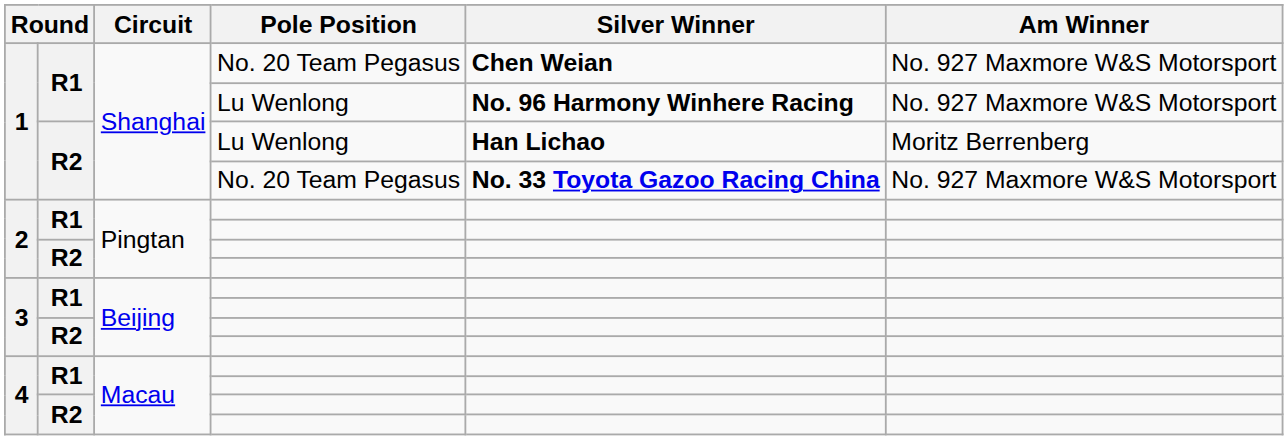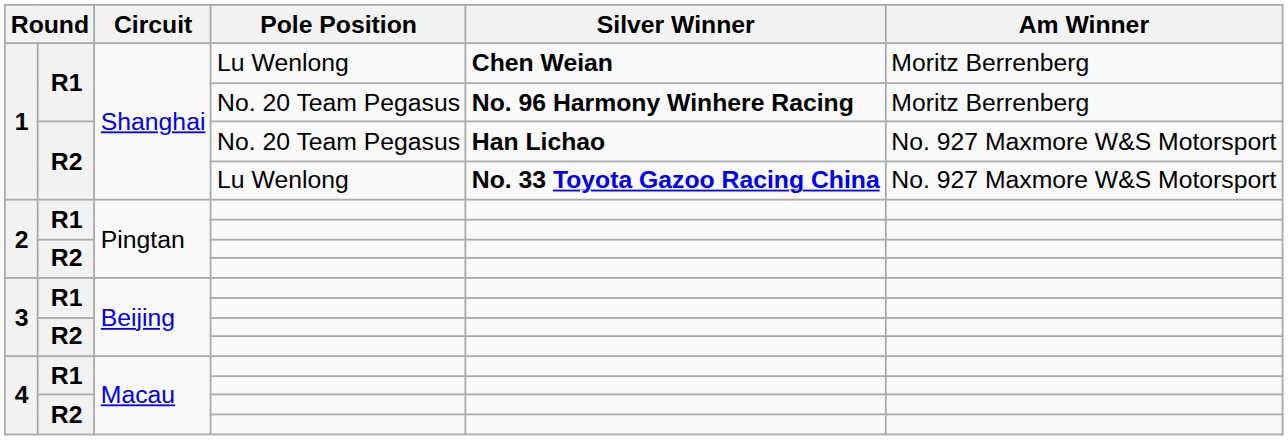 <table class="wikitable" style="font-size:85%;">
 <tr>
 <th colspan="2">Round</th>
 <th>Circuit</th>
 <th>Pole Position</th>
 <th>Silver Winner</th>
 <th>Am Winner</th>
 </tr>
 <tr>
 <th rowspan="4">1</th>
 <th rowspan="2">R1</th>
 <td rowspan="4"> <a href='#'>Shanghai</a></td>
+<td> Lu Wenlong</td>
+<td> <strong>Chen Weian</strong></td>
+<td> Moritz Berrenberg</td>
+</tr>
+<tr>
 <td> No. 20 Team Pegasus</td>
-<td> <strong>Chen Weian</strong></td>
+<td> <strong>No. 96 Harmony Winhere Racing</strong></td>
+<td> Moritz Berrenberg</td>
+</tr>
+<tr>
+<th rowspan="2">R2</th>
+<td> No. 20 Team Pegasus</td>
+<td><strong> Han Lichao</strong></td>
 <td> No. 927 Maxmore W&S Motorsport</td>
 </tr>
 <tr>
 <td> Lu Wenlong</td>
-<td> <strong>No. 96 Harmony Winhere Racing</strong></td>
-<td> No. 927 Maxmore W&S Motorsport</td>
-</tr>
-<tr>
-<th rowspan="2">R2</th>
-<td> Lu Wenlong</td>
-<td><strong> Han Lichao</strong></td>
-<td> Moritz Berrenberg</td>
-</tr>
-<tr>
-<td> No. 20 Team Pegasus</td>
 <td><strong> No. 33 <a href='#'>Toyota Gazoo Racing China</a></strong></td>
 <td> No. 927 Maxmore W&S Motorsport</td>
 </tr>
 <tr>
 <th rowspan="4">2</th>
 <th rowspan="2">R1</th>
 <td rowspan="4"> Pingtan</td>
 <td></td>
 <td></td>
 <td></td>
 </tr>
 <tr>
 <td></td>
 <td></td>
 <td></td>
 </tr>
 <tr>
 <th rowspan="2">R2</th>
 <td></td>
 <td></td>
 <td></td>
 </tr>
 <tr>
 <td></td>
 <td></td>
 <td></td>
 </tr>
 <tr>
 <th rowspan="4">3</th>
 <th rowspan="2">R1</th>
 <td rowspan="4"> <a href='#'>Beijing</a></td>
 <td></td>
 <td></td>
 <td></td>
 </tr>
 <tr>
 <td></td>
 <td></td>
 <td></td>
 </tr>
 <tr>
 <th rowspan="2">R2</th>
 <td></td>
 <td></td>
 <td></td>
 </tr>
 <tr>
 <td></td>
 <td></td>
 <td></td>
 </tr>
 <tr>
 <th rowspan="4">4</th>
 <th rowspan="2">R1</th>
 <td rowspan="4"> <a href='#'>Macau</a></td>
 <td></td>
 <td></td>
 <td></td>
 </tr>
 <tr>
 <td></td>
 <td></td>
 <td></td>
 </tr>
 <tr>
 <th rowspan="2">R2</th>
 <td></td>
 <td></td>
 <td></td>
 </tr>
 <tr>
 <td></td>
 <td></td>
 <td></td>
 </tr>
 </table>
